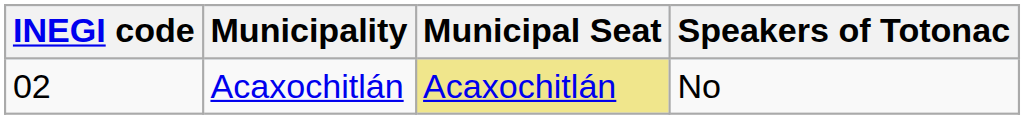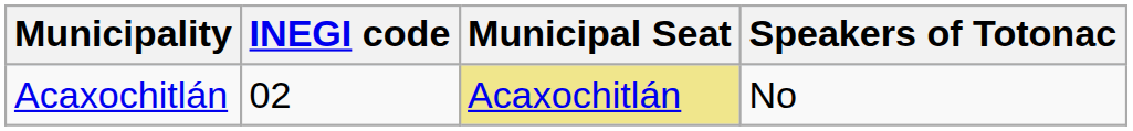 <table class="wikitable sortable">
 <tr style="text-align:center; background:#d8edff;">
+<th>Municipality</th>
 <th><a href='#'>INEGI</a> code</th>
-<th>Municipality</th>
 <th>Municipal Seat</th>
 <th>Speakers of Totonac</th>
 </tr>
 <tr>
+<td><a href='#'>Acaxochitlán</a></td>
 <td>02</td>
-<td><a href='#'>Acaxochitlán</a></td>
 <td style="background: khaki;"><a href='#'>Acaxochitlán</a></td>
 <td>No</td>
 </tr>
 </table>
